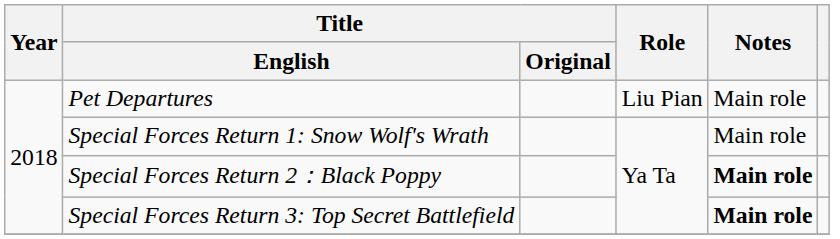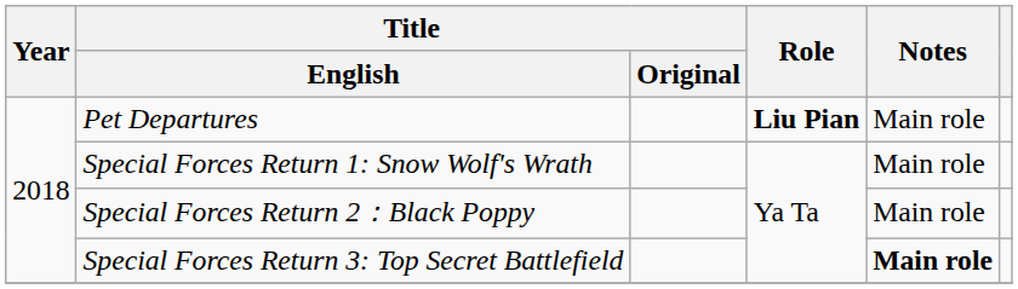 <table class="wikitable sortable plainrowheaders">
 <tr>
 <th scope="col" rowspan="2">Year</th>
 <th scope="col" colspan="2">Title</th>
 <th scope="col" rowspan="2">Role</th>
 <th scope="col" rowspan="2">Notes</th>
 <th scope="col" rowspan="2"></th>
 </tr>
 <tr>
 <th scope="col">English</th>
 <th scope="col">Original</th>
 </tr>
 <tr>
 <td rowspan="4">2018</td>
 <td><em>Pet Departures</em></td>
 <td></td>
-<td>Liu Pian</td>
+<td><strong>Liu Pian</strong></td>
 <td>Main role</td>
 <td></td>
 </tr>
 <tr>
 <td><em>Special Forces Return 1: Snow Wolf's Wrath</em></td>
 <td></td>
 <td rowspan="3">Ya Ta</td>
 <td>Main role</td>
 <td></td>
 </tr>
 <tr>
 <td><em>Special Forces Return 2：Black Poppy</em></td>
 <td></td>
-<td><strong>Main role</strong></td>
+<td>Main role</td>
 <td></td>
 </tr>
 <tr>
 <td><em>Special Forces Return 3: Top Secret Battlefield</em></td>
 <td></td>
 <td><strong>Main role</strong></td>
 <td></td>
 </tr>
 <tr>
 </tr>
 </table>
